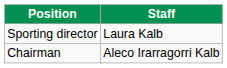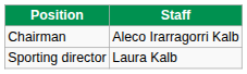 <table class="wikitable">
 <tr>
 <th style=background-color:#009150;color:white>Position</th>
 <th style=background-color:#009150;color:white>Staff</th>
 </tr>
 <tr>
+<td>Chairman</td>
+<td> Aleco Irarragorri Kalb</td>
+</tr>
+<tr>
 <td>Sporting director</td>
 <td> Laura Kalb</td>
 </tr>
-<tr>
-<td>Chairman</td>
-<td> Aleco Irarragorri Kalb</td>
-</tr>
 </table>
